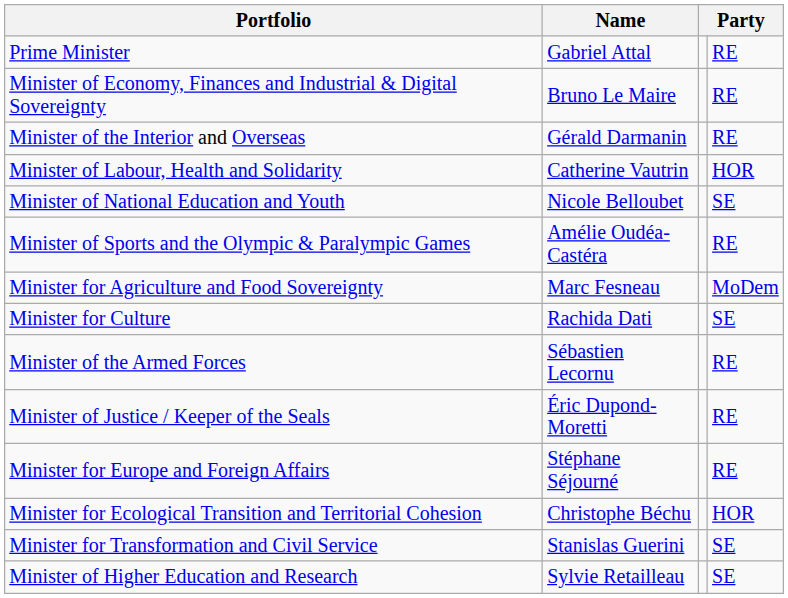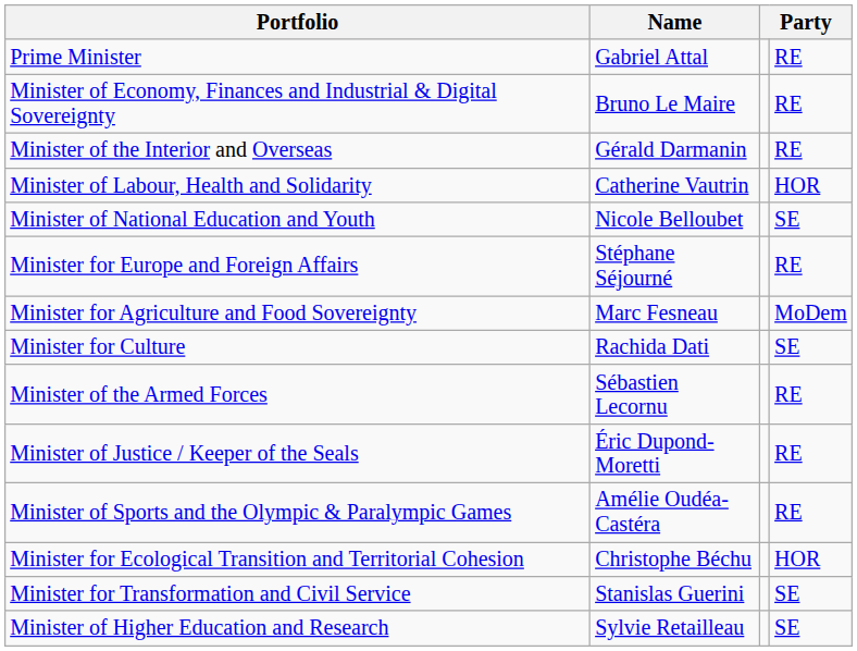 <table class="wikitable" style="width:100%">
 <tr>
 <th>Portfolio</th>
 <th>Name</th>
 <th colspan="2">Party</th>
 </tr>
 <tr>
 <td><a href='#'>Prime Minister</a></td>
 <td style="width:20%"><a href='#'>Gabriel Attal</a></td>
 <td style="background:"></td>
 <td><a href='#'>RE</a></td>
 </tr>
 <tr>
 <td><a href='#'>Minister of Economy, Finances and Industrial & Digital Sovereignty</a></td>
 <td style="width:20%"><a href='#'>Bruno Le Maire</a></td>
 <td style="background:"></td>
 <td><a href='#'>RE</a></td>
 </tr>
 <tr>
 <td><a href='#'>Minister of the Interior</a> and <a href='#'>Overseas</a></td>
 <td><a href='#'>Gérald Darmanin</a></td>
 <td style="background:"></td>
 <td><a href='#'>RE</a></td>
 </tr>
 <tr>
 <td><a href='#'>Minister of Labour, Health and Solidarity</a></td>
 <td><a href='#'>Catherine Vautrin</a></td>
 <td style="background:"></td>
 <td><a href='#'>HOR</a></td>
 </tr>
 <tr>
 <td><a href='#'>Minister of National Education and Youth</a></td>
 <td><a href='#'>Nicole Belloubet</a></td>
 <td style="background:"></td>
 <td><a href='#'>SE</a></td>
 </tr>
 <tr>
-<td><a href='#'>Minister of Sports and the Olympic & Paralympic Games</a></td>
-<td><a href='#'>Amélie Oudéa-Castéra</a></td>
+<td><a href='#'>Minister for Europe and Foreign Affairs</a></td>
+<td><a href='#'>Stéphane Séjourné</a></td>
 <td style="background:"></td>
 <td><a href='#'>RE</a></td>
 </tr>
 <tr>
 <td><a href='#'>Minister for Agriculture and Food Sovereignty</a></td>
 <td><a href='#'>Marc Fesneau</a></td>
 <td style=background:></td>
 <td><a href='#'>MoDem</a></td>
 </tr>
 <tr>
 <td><a href='#'>Minister for Culture</a></td>
 <td><a href='#'>Rachida Dati</a></td>
 <td style="background:"></td>
 <td><a href='#'>SE</a></td>
 </tr>
 <tr>
 <td><a href='#'>Minister of the Armed Forces</a></td>
 <td><a href='#'>Sébastien Lecornu</a></td>
 <td style="background:"></td>
 <td><a href='#'>RE</a></td>
 </tr>
 <tr>
 <td><a href='#'>Minister of Justice / Keeper of the Seals</a></td>
 <td><a href='#'>Éric Dupond-Moretti</a></td>
 <td style="background:"></td>
 <td><a href='#'>RE</a></td>
 </tr>
 <tr>
-<td><a href='#'>Minister for Europe and Foreign Affairs</a></td>
-<td><a href='#'>Stéphane Séjourné</a></td>
+<td><a href='#'>Minister of Sports and the Olympic & Paralympic Games</a></td>
+<td><a href='#'>Amélie Oudéa-Castéra</a></td>
 <td style="background:"></td>
 <td><a href='#'>RE</a></td>
 </tr>
 <tr>
 <td><a href='#'>Minister for Ecological Transition and Territorial Cohesion</a></td>
 <td><a href='#'>Christophe Béchu</a></td>
 <td style="background:"></td>
 <td><a href='#'>HOR</a></td>
 </tr>
 <tr>
 <td><a href='#'>Minister for Transformation and Civil Service</a></td>
 <td><a href='#'>Stanislas Guerini</a></td>
 <td style="background:"></td>
 <td><a href='#'>SE</a></td>
 </tr>
 <tr>
 <td><a href='#'>Minister of Higher Education and Research</a></td>
 <td><a href='#'>Sylvie Retailleau</a></td>
 <td style="background:"></td>
 <td><a href='#'>SE</a></td>
 </tr>
 </table>
